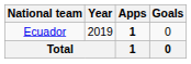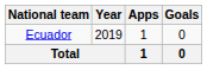 <table class="wikitable" style="text-align:center">
 <tr>
 <th>National team</th>
 <th>Year</th>
 <th>Apps</th>
 <th>Goals</th>
 </tr>
 <tr>
 <td rowspan="1"><a href='#'>Ecuador</a></td>
 <td>2019</td>
-<td><strong>1</strong></td>
+<td>1</td>
 <td>0</td>
 </tr>
 <tr>
 <th colspan="2">Total</th>
 <th>1</th>
 <th>0</th>
 </tr>
 </table>
